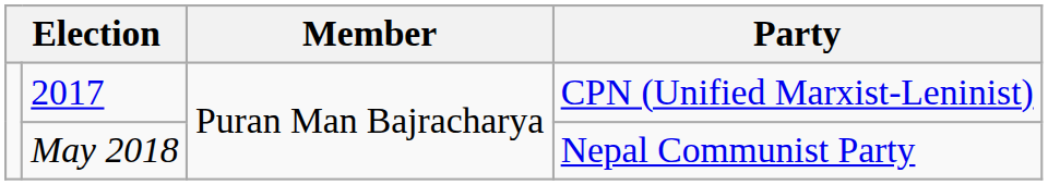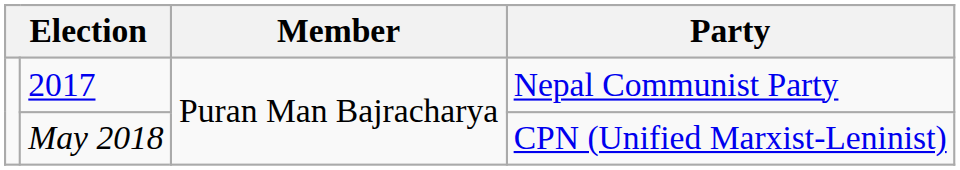 <table class="wikitable">
 <tr>
 <th colspan="2">Election</th>
 <th>Member</th>
 <th>Party</th>
 </tr>
 <tr>
 <td rowspan="2" style="background-color:"></td>
 <td><a href='#'>2017</a></td>
 <td rowspan="2">Puran Man Bajracharya</td>
-<td><a href='#'>CPN (Unified Marxist-Leninist)</a></td>
+<td><a href='#'>Nepal Communist Party</a></td>
 </tr>
 <tr>
 <td><em>May 2018</em></td>
-<td><a href='#'>Nepal Communist Party</a></td>
+<td><a href='#'>CPN (Unified Marxist-Leninist)</a></td>
 </tr>
 </table>
